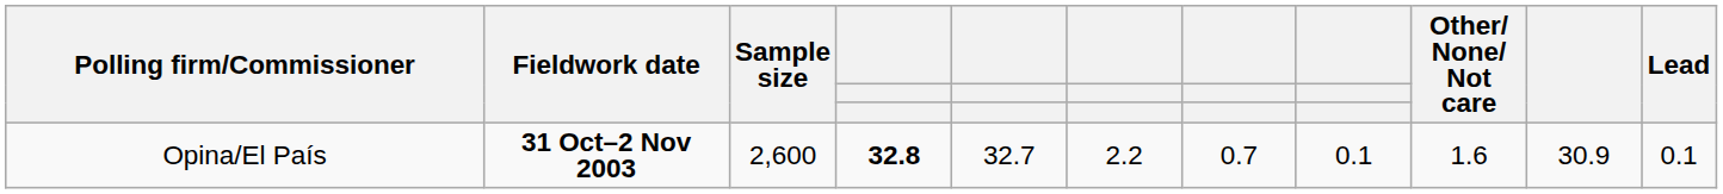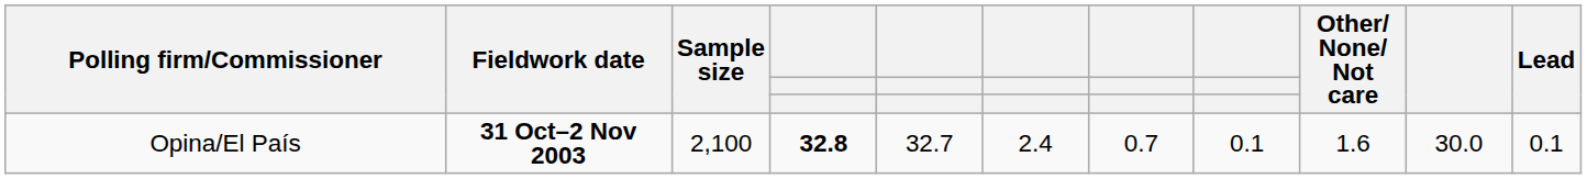 <table class="wikitable collapsible collapsed" style="text-align:center; font-size:90%; line-height:14px;">
 <tr style="height:42px;">
 <th style="width:250px;" rowspan="3">Polling firm/Commissioner</th>
 <th style="width:125px;" rowspan="3">Fieldwork date</th>
 <th style="width:50px;" rowspan="3">Sample size</th>
 <th style="width:55px;"></th>
 <th style="width:55px;"></th>
 <th style="width:55px;"></th>
 <th style="width:55px;"></th>
 <th style="width:55px;"></th>
 <th style="width:55px;" rowspan="3">Other/<br>None/<br>Not<br>care</th>
 <th style="width:55px;" rowspan="3"></th>
 <th style="width:30px;" rowspan="3">Lead</th>
 </tr>
 <tr>
 <th style="color:inherit;background:"></th>
 <th style="color:inherit;background:"></th>
 <th style="color:inherit;background:"></th>
 <th style="color:inherit;background:"></th>
 <th style="color:inherit;background:"></th>
 </tr>
 <tr>
 <th></th>
 <th></th>
 <th></th>
 <th></th>
 <th></th>
 </tr>
 <tr>
 <td>Opina/El País</td>
 <td><strong>31 Oct–2 Nov 2003</strong></td>
-<td>2,600</td>
+<td>2,100</td>
 <td><strong>32.8</strong></td>
 <td>32.7</td>
-<td>2.2</td>
+<td>2.4</td>
 <td>0.7</td>
 <td>0.1</td>
 <td>1.6</td>
-<td>30.9</td>
+<td>30.0</td>
 <td style="background:">0.1</td>
 </tr>
 </table>
